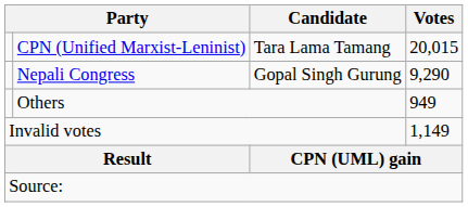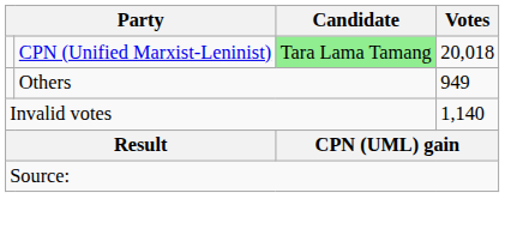 <table class="wikitable">
 <tr>
 <th colspan="2">Party</th>
 <th>Candidate</th>
 <th>Votes</th>
 </tr>
 <tr>
 <td style="background-color:"></td>
 <td><a href='#'>CPN (Unified Marxist-Leninist)</a></td>
-<td>Tara Lama Tamang</td>
-<td>20,015</td>
-</tr>
-<tr>
-<td style="background-color:"></td>
-<td><a href='#'>Nepali Congress</a></td>
-<td>Gopal Singh Gurung</td>
-<td>9,290</td>
+<td style="background: lightgreen;">Tara Lama Tamang</td>
+<td>20,018</td>
 </tr>
 <tr>
 <td></td>
 <td colspan="2">Others</td>
 <td>949</td>
 </tr>
 <tr>
 <td colspan="3">Invalid votes</td>
-<td>1,149</td>
+<td>1,140</td>
 </tr>
 <tr>
 <th colspan="2">Result</th>
 <th colspan="2">CPN (UML) gain</th>
 </tr>
 <tr>
 <td colspan="4">Source: </td>
 </tr>
 </table>
